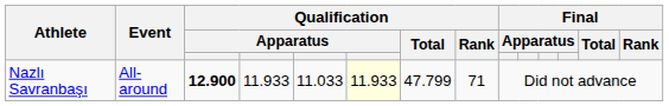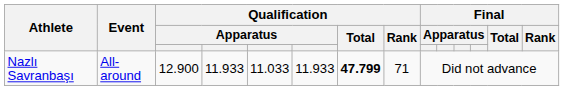 <table class="wikitable" style="font-size:90%">
 <tr>
 <th rowspan=3>Athlete</th>
 <th rowspan=3>Event</th>
 <th colspan=6>Qualification</th>
 <th colspan=6>Final</th>
 </tr>
 <tr style="font-size:95%">
 <th colspan=4>Apparatus</th>
 <th rowspan=2>Total</th>
 <th rowspan=2>Rank</th>
 <th colspan=4>Apparatus</th>
 <th rowspan=2>Total</th>
 <th rowspan=2>Rank</th>
 </tr>
 <tr style="font-size:95%">
 <th></th>
 <th></th>
 <th></th>
 <th></th>
 <th></th>
 <th></th>
 <th></th>
 <th></th>
 </tr>
 <tr align=center>
 <td align=left><a href='#'>Nazlı Savranbaşı</a></td>
 <td align=left><a href='#'>All-around</a></td>
-<td><strong>12.900</strong></td>
+<td>12.900</td>
 <td>11.933</td>
 <td>11.033</td>
-<td style="background: lightyellow;">11.933</td>
-<td>47.799</td>
+<td>11.933</td>
+<td><strong>47.799</strong></td>
 <td>71</td>
 <td colspan=6>Did not advance</td>
 </tr>
 </table>
